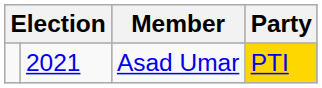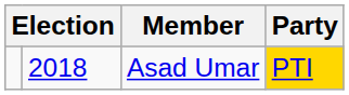 <table class="wikitable">
 <tr>
 <th colspan="2">Election</th>
 <th>Member</th>
 <th>Party</th>
 </tr>
 <tr>
 <td style="background-color: "></td>
-<td><a href='#'>2021</a></td>
+<td><a href='#'>2018</a></td>
 <td><a href='#'>Asad Umar</a></td>
 <td style="background: gold;"><a href='#'>PTI</a></td>
 </tr>
 </table>
